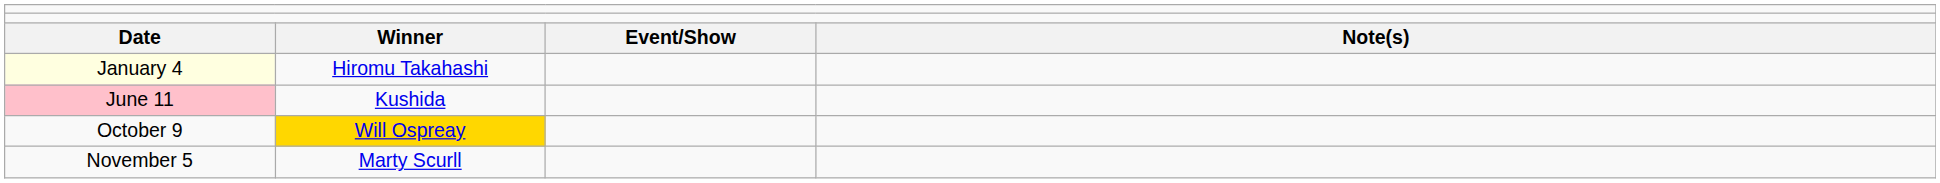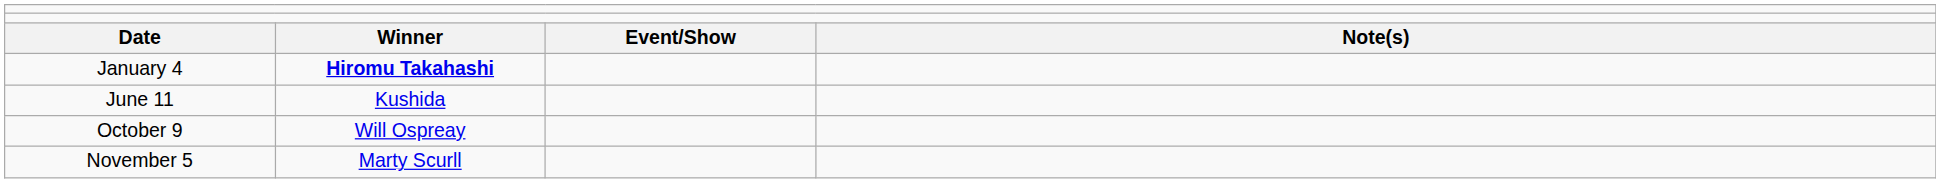 <table class="wikitable" style="text-align:center; width:100%;">
 <tr>
 <td colspan="5"></td>
 </tr>
 <tr>
 <td colspan="5"><strong></strong></td>
 </tr>
 <tr>
 <th width=14%>Date</th>
 <th width=14%>Winner</th>
 <th width=14%>Event/Show</th>
 <th width=58%>Note(s)</th>
 </tr>
 <tr>
-<td style="background: lightyellow;">January 4</td>
-<td><a href='#'>Hiromu Takahashi</a></td>
+<td>January 4</td>
+<td><strong><a href='#'>Hiromu Takahashi</a></strong></td>
 <td></td>
 <td align=left></td>
 </tr>
 <tr>
-<td style="background: pink;">June 11</td>
+<td>June 11</td>
 <td><a href='#'>Kushida</a></td>
 <td></td>
 <td align=left></td>
 </tr>
 <tr>
 <td>October 9</td>
-<td style="background: gold;"><a href='#'>Will Ospreay</a></td>
+<td><a href='#'>Will Ospreay</a></td>
 <td></td>
 <td align=left></td>
 </tr>
 <tr>
 <td>November 5</td>
 <td><a href='#'>Marty Scurll</a></td>
 <td></td>
 <td align=left></td>
 </tr>
 </table>
